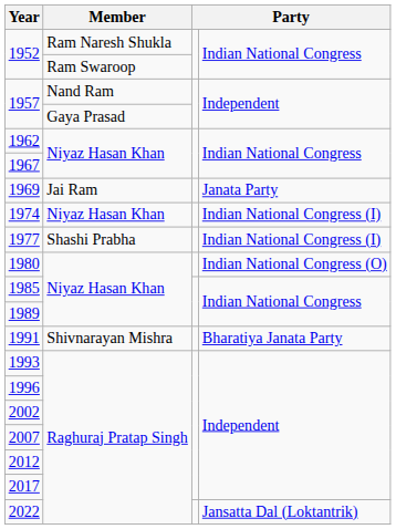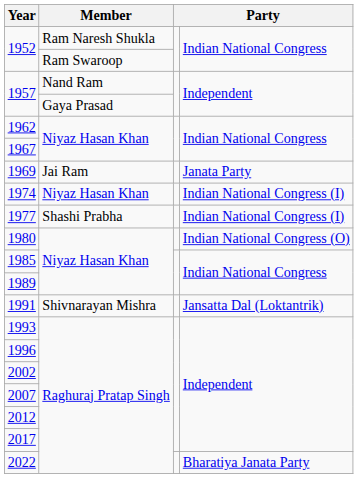 <table class="wikitable">
 <tr>
 <th>Year</th>
 <th>Member</th>
 <th colspan="2">Party</th>
 </tr>
 <tr>
 <td rowspan="2"><a href='#'>1952</a></td>
 <td>Ram Naresh Shukla</td>
 <td rowspan="2" style="background-color: "></td>
 <td rowspan="2"><a href='#'>Indian National Congress</a></td>
 </tr>
 <tr>
 <td>Ram Swaroop</td>
 </tr>
 <tr>
 <td rowspan="2"><a href='#'>1957</a></td>
 <td>Nand Ram</td>
 <td rowspan="2" style="background-color: "></td>
 <td rowspan="2"><a href='#'>Independent</a></td>
 </tr>
 <tr>
 <td>Gaya Prasad</td>
 </tr>
 <tr>
 <td><a href='#'>1962</a></td>
 <td rowspan="2"><a href='#'>Niyaz Hasan Khan</a></td>
 <td rowspan="2" style="background-color: "></td>
 <td rowspan="2"><a href='#'>Indian National Congress</a></td>
 </tr>
 <tr>
 <td><a href='#'>1967</a></td>
 </tr>
 <tr>
 <td><a href='#'>1969</a></td>
 <td>Jai Ram</td>
 <td style="background-color: "></td>
 <td><a href='#'>Janata Party</a></td>
 </tr>
 <tr>
 <td><a href='#'>1974</a></td>
 <td><a href='#'>Niyaz Hasan Khan</a></td>
 <td style="background-color: "></td>
 <td><a href='#'>Indian National Congress (I)</a></td>
 </tr>
 <tr>
 <td><a href='#'>1977</a></td>
 <td>Shashi Prabha</td>
 <td style="background-color: "></td>
 <td><a href='#'>Indian National Congress (I)</a></td>
 </tr>
 <tr>
 <td><a href='#'>1980</a></td>
 <td rowspan="3"><a href='#'>Niyaz Hasan Khan</a></td>
 <td style="background-color: "></td>
 <td><a href='#'>Indian National Congress (O)</a></td>
 </tr>
 <tr>
 <td><a href='#'>1985</a></td>
 <td rowspan="2" style="background-color: "></td>
 <td rowspan="2"><a href='#'>Indian National Congress</a></td>
 </tr>
 <tr>
 <td><a href='#'>1989</a></td>
 </tr>
 <tr>
 <td><a href='#'>1991</a></td>
 <td>Shivnarayan Mishra</td>
 <td style="background-color: "></td>
-<td><a href='#'>Bharatiya Janata Party</a></td>
+<td><a href='#'>Jansatta Dal (Loktantrik)</a></td>
 </tr>
 <tr>
 <td><a href='#'>1993</a></td>
 <td rowspan="7"><a href='#'>Raghuraj Pratap Singh</a></td>
 <td rowspan="6" style="background-color: "></td>
 <td rowspan="6"><a href='#'>Independent</a></td>
 </tr>
 <tr>
 <td><a href='#'>1996</a></td>
 </tr>
 <tr>
 <td><a href='#'>2002</a></td>
 </tr>
 <tr>
 <td><a href='#'>2007</a></td>
 </tr>
 <tr>
 <td><a href='#'>2012</a></td>
 </tr>
 <tr>
 <td><a href='#'>2017</a></td>
 </tr>
 <tr>
 <td><a href='#'>2022</a></td>
 <td style="background-color: "></td>
-<td><a href='#'>Jansatta Dal (Loktantrik)</a></td>
+<td><a href='#'>Bharatiya Janata Party</a></td>
 </tr>
 </table>
